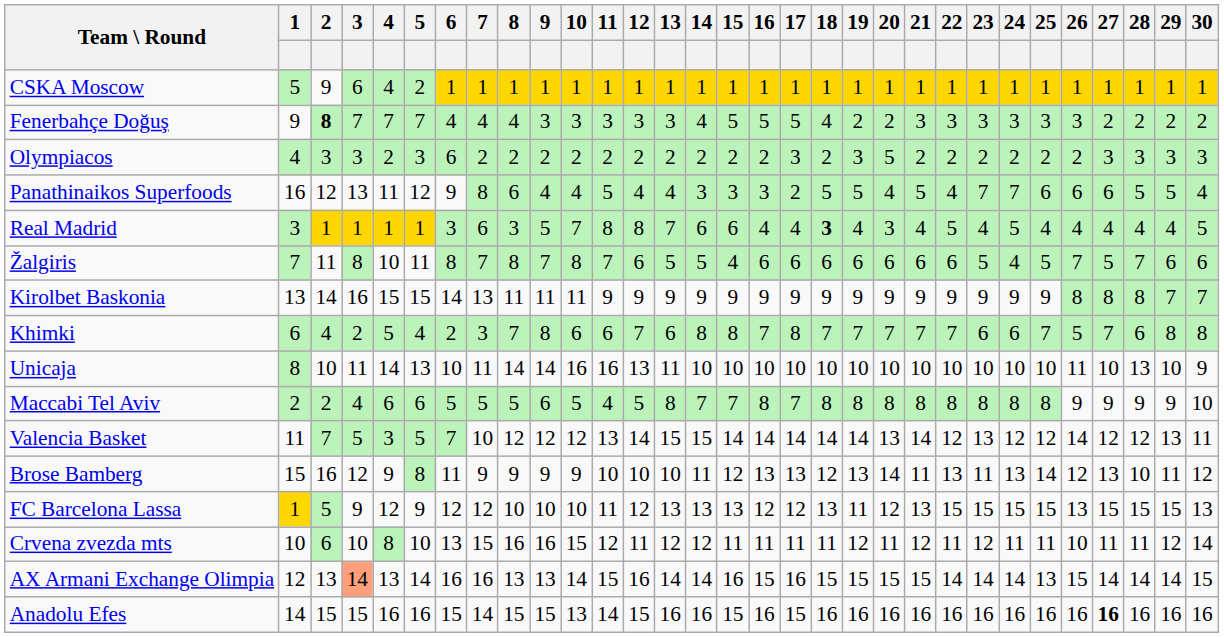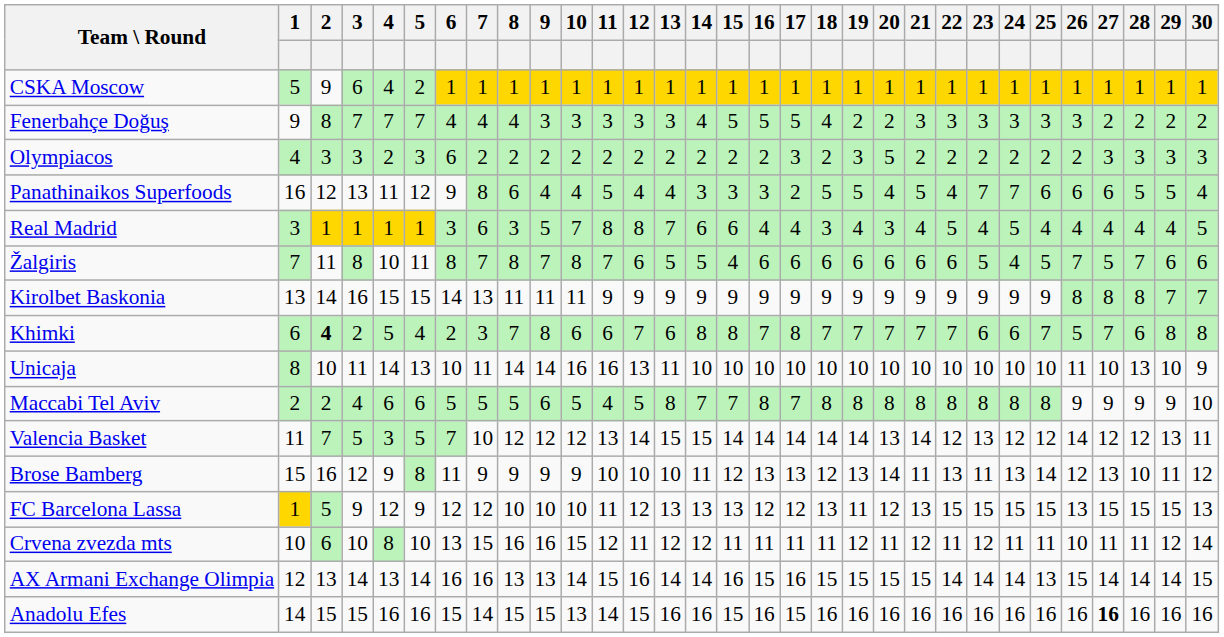 <table class="wikitable sortable" style="font-size:90%; text-align:center; white-space: nowrap;">
 <tr>
 <th rowspan="2" style="width:140px;">Team \ Round</th>
 <th class="unsortable">1</th>
 <th class="unsortable">2</th>
 <th class="unsortable">3</th>
 <th class="unsortable">4</th>
 <th class="unsortable">5</th>
 <th class="unsortable">6</th>
 <th class="unsortable">7</th>
 <th class="unsortable">8</th>
 <th class="unsortable">9</th>
 <th class="unsortable">10</th>
 <th class="unsortable">11</th>
 <th class="unsortable">12</th>
 <th class="unsortable">13</th>
 <th class="unsortable">14</th>
 <th class="unsortable">15</th>
 <th class="unsortable">16</th>
 <th class="unsortable">17</th>
 <th class="unsortable">18</th>
 <th class="unsortable">19</th>
 <th class="unsortable">20</th>
 <th class="unsortable">21</th>
 <th class="unsortable">22</th>
 <th class="unsortable">23</th>
 <th class="unsortable">24</th>
 <th class="unsortable">25</th>
 <th class="unsortable">26</th>
 <th class="unsortable">27</th>
 <th class="unsortable">28</th>
 <th class="unsortable">29</th>
 <th class="unsortable">30</th>
 </tr>
 <tr style="text-align:center; height:20px;">
 <th scope=row></th>
 <th></th>
 <th></th>
 <th></th>
 <th></th>
 <th></th>
 <th></th>
 <th></th>
 <th></th>
 <th></th>
 <th></th>
 <th></th>
 <th></th>
 <th></th>
 <th></th>
 <th></th>
 <th></th>
 <th></th>
 <th></th>
 <th></th>
 <th></th>
 <th></th>
 <th></th>
 <th></th>
 <th></th>
 <th></th>
 <th></th>
 <th></th>
 <th></th>
 <th></th>
 </tr>
 <tr>
 <td align=left><a href='#'>CSKA Moscow</a></td>
 <td style="background:#bbf3bb;">5</td>
 <td>9</td>
 <td style="background:#bbf3bb;">6</td>
 <td style="background:#bbf3bb;">4</td>
 <td style="background:#bbf3bb;">2</td>
 <td style="background:gold;">1</td>
 <td style="background:gold;">1</td>
 <td style="background:gold;">1</td>
 <td style="background:gold;">1</td>
 <td style="background:gold;">1</td>
 <td style="background:gold;">1</td>
 <td style="background:gold;">1</td>
 <td style="background:gold;">1</td>
 <td style="background:gold;">1</td>
 <td style="background:gold;">1</td>
 <td style="background:gold;">1</td>
 <td style="background:gold;">1</td>
 <td style="background:gold;">1</td>
 <td style="background:gold;">1</td>
 <td style="background:gold;">1</td>
 <td style="background:gold;">1</td>
 <td style="background:gold;">1</td>
 <td style="background:gold;">1</td>
 <td style="background:gold;">1</td>
 <td style="background:gold;">1</td>
 <td style="background:gold;">1</td>
 <td style="background:gold;">1</td>
 <td style="background:gold;">1</td>
 <td style="background:gold;">1</td>
 <td style="background:gold;">1</td>
 </tr>
 <tr>
 <td style="text-align:left;"><a href='#'>Fenerbahçe Doğuş</a></td>
 <td>9</td>
-<td style="background:#bbf3bb;"><strong>8</strong></td>
+<td style="background:#bbf3bb;">8</td>
 <td style="background:#bbf3bb;">7</td>
 <td style="background:#bbf3bb;">7</td>
 <td style="background:#bbf3bb;">7</td>
 <td style="background:#bbf3bb;">4</td>
 <td style="background:#bbf3bb;">4</td>
 <td style="background:#bbf3bb;">4</td>
 <td style="background:#bbf3bb;">3</td>
 <td style="background:#bbf3bb;">3</td>
 <td style="background:#bbf3bb;">3</td>
 <td style="background:#bbf3bb;">3</td>
 <td style="background:#bbf3bb;">3</td>
 <td style="background:#bbf3bb;">4</td>
 <td style="background:#bbf3bb;">5</td>
 <td style="background:#bbf3bb;">5</td>
 <td style="background:#bbf3bb;">5</td>
 <td style="background:#bbf3bb;">4</td>
 <td style="background:#bbf3bb;">2</td>
 <td style="background:#bbf3bb;">2</td>
 <td style="background:#bbf3bb;">3</td>
 <td style="background:#bbf3bb;">3</td>
 <td style="background:#bbf3bb;">3</td>
 <td style="background:#bbf3bb;">3</td>
 <td style="background:#bbf3bb;">3</td>
 <td style="background:#bbf3bb;">3</td>
 <td style="background:#bbf3bb;">2</td>
 <td style="background:#bbf3bb;">2</td>
 <td style="background:#bbf3bb;">2</td>
 <td style="background:#bbf3bb;">2</td>
 </tr>
 <tr>
 <td align=left><a href='#'>Olympiacos</a></td>
 <td style="background:#bbf3bb;">4</td>
 <td style="background:#bbf3bb;">3</td>
 <td style="background:#bbf3bb;">3</td>
 <td style="background:#bbf3bb;">2</td>
 <td style="background:#bbf3bb;">3</td>
 <td style="background:#bbf3bb;">6</td>
 <td style="background:#bbf3bb;">2</td>
 <td style="background:#bbf3bb;">2</td>
 <td style="background:#bbf3bb;">2</td>
 <td style="background:#bbf3bb;">2</td>
 <td style="background:#bbf3bb;">2</td>
 <td style="background:#bbf3bb;">2</td>
 <td style="background:#bbf3bb;">2</td>
 <td style="background:#bbf3bb;">2</td>
 <td style="background:#bbf3bb;">2</td>
 <td style="background:#bbf3bb;">2</td>
 <td style="background:#bbf3bb;">3</td>
 <td style="background:#bbf3bb;">2</td>
 <td style="background:#bbf3bb;">3</td>
 <td style="background:#bbf3bb;">5</td>
 <td style="background:#bbf3bb;">2</td>
 <td style="background:#bbf3bb;">2</td>
 <td style="background:#bbf3bb;">2</td>
 <td style="background:#bbf3bb;">2</td>
 <td style="background:#bbf3bb;">2</td>
 <td style="background:#bbf3bb;">2</td>
 <td style="background:#bbf3bb;">3</td>
 <td style="background:#bbf3bb;">3</td>
 <td style="background:#bbf3bb;">3</td>
 <td style="background:#bbf3bb;">3</td>
 </tr>
 <tr>
 <td style="text-align:left;"><a href='#'>Panathinaikos Superfoods</a></td>
 <td>16</td>
 <td>12</td>
 <td>13</td>
 <td>11</td>
 <td>12</td>
 <td>9</td>
 <td style="background:#bbf3bb;">8</td>
 <td style="background:#bbf3bb;">6</td>
 <td style="background:#bbf3bb;">4</td>
 <td style="background:#bbf3bb;">4</td>
 <td style="background:#bbf3bb;">5</td>
 <td style="background:#bbf3bb;">4</td>
 <td style="background:#bbf3bb;">4</td>
 <td style="background:#bbf3bb;">3</td>
 <td style="background:#bbf3bb;">3</td>
 <td style="background:#bbf3bb;">3</td>
 <td style="background:#bbf3bb;">2</td>
 <td style="background:#bbf3bb;">5</td>
 <td style="background:#bbf3bb;">5</td>
 <td style="background:#bbf3bb;">4</td>
 <td style="background:#bbf3bb;">5</td>
 <td style="background:#bbf3bb;">4</td>
 <td style="background:#bbf3bb;">7</td>
 <td style="background:#bbf3bb;">7</td>
 <td style="background:#bbf3bb;">6</td>
 <td style="background:#bbf3bb;">6</td>
 <td style="background:#bbf3bb;">6</td>
 <td style="background:#bbf3bb;">5</td>
 <td style="background:#bbf3bb;">5</td>
 <td style="background:#bbf3bb;">4</td>
 </tr>
 <tr>
 <td style="text-align:left;"><a href='#'>Real Madrid</a></td>
 <td style="background:#bbf3bb;">3</td>
 <td style="background:gold;">1</td>
 <td style="background:gold;">1</td>
 <td style="background:gold;">1</td>
 <td style="background:gold;">1</td>
 <td style="background:#bbf3bb;">3</td>
 <td style="background:#bbf3bb;">6</td>
 <td style="background:#bbf3bb;">3</td>
 <td style="background:#bbf3bb;">5</td>
 <td style="background:#bbf3bb;">7</td>
 <td style="background:#bbf3bb;">8</td>
 <td style="background:#bbf3bb;">8</td>
 <td style="background:#bbf3bb;">7</td>
 <td style="background:#bbf3bb;">6</td>
 <td style="background:#bbf3bb;">6</td>
 <td style="background:#bbf3bb;">4</td>
 <td style="background:#bbf3bb;">4</td>
-<td style="background:#bbf3bb;"><strong>3</strong></td>
+<td style="background:#bbf3bb;">3</td>
 <td style="background:#bbf3bb;">4</td>
 <td style="background:#bbf3bb;">3</td>
 <td style="background:#bbf3bb;">4</td>
 <td style="background:#bbf3bb;">5</td>
 <td style="background:#bbf3bb;">4</td>
 <td style="background:#bbf3bb;">5</td>
 <td style="background:#bbf3bb;">4</td>
 <td style="background:#bbf3bb;">4</td>
 <td style="background:#bbf3bb;">4</td>
 <td style="background:#bbf3bb;">4</td>
 <td style="background:#bbf3bb;">4</td>
 <td style="background:#bbf3bb;">5</td>
 </tr>
 <tr>
 <td align=left><a href='#'>Žalgiris</a></td>
 <td style="background:#bbf3bb;">7</td>
 <td>11</td>
 <td style="background:#bbf3bb;">8</td>
 <td>10</td>
 <td>11</td>
 <td style="background:#bbf3bb;">8</td>
 <td style="background:#bbf3bb;">7</td>
 <td style="background:#bbf3bb;">8</td>
 <td style="background:#bbf3bb;">7</td>
 <td style="background:#bbf3bb;">8</td>
 <td style="background:#bbf3bb;">7</td>
 <td style="background:#bbf3bb;">6</td>
 <td style="background:#bbf3bb;">5</td>
 <td style="background:#bbf3bb;">5</td>
 <td style="background:#bbf3bb;">4</td>
 <td style="background:#bbf3bb;">6</td>
 <td style="background:#bbf3bb;">6</td>
 <td style="background:#bbf3bb;">6</td>
 <td style="background:#bbf3bb;">6</td>
 <td style="background:#bbf3bb;">6</td>
 <td style="background:#bbf3bb;">6</td>
 <td style="background:#bbf3bb;">6</td>
 <td style="background:#bbf3bb;">5</td>
 <td style="background:#bbf3bb;">4</td>
 <td style="background:#bbf3bb;">5</td>
 <td style="background:#bbf3bb;">7</td>
 <td style="background:#bbf3bb;">5</td>
 <td style="background:#bbf3bb;">7</td>
 <td style="background:#bbf3bb;">6</td>
 <td style="background:#bbf3bb;">6</td>
 </tr>
 <tr>
 <td style="text-align:left;"><a href='#'>Kirolbet Baskonia</a></td>
 <td>13</td>
 <td>14</td>
 <td>16</td>
 <td>15</td>
 <td>15</td>
 <td>14</td>
 <td>13</td>
 <td>11</td>
 <td>11</td>
 <td>11</td>
 <td>9</td>
 <td>9</td>
 <td>9</td>
 <td>9</td>
 <td>9</td>
 <td>9</td>
 <td>9</td>
 <td>9</td>
 <td>9</td>
 <td>9</td>
 <td>9</td>
 <td>9</td>
 <td>9</td>
 <td>9</td>
 <td>9</td>
 <td style="background:#bbf3bb;">8</td>
 <td style="background:#bbf3bb;">8</td>
 <td style="background:#bbf3bb;">8</td>
 <td style="background:#bbf3bb;">7</td>
 <td style="background:#bbf3bb;">7</td>
 </tr>
 <tr>
 <td align=left><a href='#'>Khimki</a></td>
 <td style="background:#bbf3bb;">6</td>
-<td style="background:#bbf3bb;">4</td>
+<td style="background:#bbf3bb;"><strong>4</strong></td>
 <td style="background:#bbf3bb;">2</td>
 <td style="background:#bbf3bb;">5</td>
 <td style="background:#bbf3bb;">4</td>
 <td style="background:#bbf3bb;">2</td>
 <td style="background:#bbf3bb;">3</td>
 <td style="background:#bbf3bb;">7</td>
 <td style="background:#bbf3bb;">8</td>
 <td style="background:#bbf3bb;">6</td>
 <td style="background:#bbf3bb;">6</td>
 <td style="background:#bbf3bb;">7</td>
 <td style="background:#bbf3bb;">6</td>
 <td style="background:#bbf3bb;">8</td>
 <td style="background:#bbf3bb;">8</td>
 <td style="background:#bbf3bb;">7</td>
 <td style="background:#bbf3bb;">8</td>
 <td style="background:#bbf3bb;">7</td>
 <td style="background:#bbf3bb;">7</td>
 <td style="background:#bbf3bb;">7</td>
 <td style="background:#bbf3bb;">7</td>
 <td style="background:#bbf3bb;">7</td>
 <td style="background:#bbf3bb;">6</td>
 <td style="background:#bbf3bb;">6</td>
 <td style="background:#bbf3bb;">7</td>
 <td style="background:#bbf3bb;">5</td>
 <td style="background:#bbf3bb;">7</td>
 <td style="background:#bbf3bb;">6</td>
 <td style="background:#bbf3bb;">8</td>
 <td style="background:#bbf3bb;">8</td>
 </tr>
 <tr>
 <td align=left><a href='#'>Unicaja</a></td>
 <td style="background:#bbf3bb;">8</td>
 <td>10</td>
 <td>11</td>
 <td>14</td>
 <td>13</td>
 <td>10</td>
 <td>11</td>
 <td>14</td>
 <td>14</td>
 <td>16</td>
 <td>16</td>
 <td>13</td>
 <td>11</td>
 <td>10</td>
 <td>10</td>
 <td>10</td>
 <td>10</td>
 <td>10</td>
 <td>10</td>
 <td>10</td>
 <td>10</td>
 <td>10</td>
 <td>10</td>
 <td>10</td>
 <td>10</td>
 <td>11</td>
 <td>10</td>
 <td>13</td>
 <td>10</td>
 <td>9</td>
 </tr>
 <tr>
 <td style="text-align:left;"><a href='#'>Maccabi Tel Aviv</a></td>
 <td style="background:#bbf3bb;">2</td>
 <td style="background:#bbf3bb;">2</td>
 <td style="background:#bbf3bb;">4</td>
 <td style="background:#bbf3bb;">6</td>
 <td style="background:#bbf3bb;">6</td>
 <td style="background:#bbf3bb;">5</td>
 <td style="background:#bbf3bb;">5</td>
 <td style="background:#bbf3bb;">5</td>
 <td style="background:#bbf3bb;">6</td>
 <td style="background:#bbf3bb;">5</td>
 <td style="background:#bbf3bb;">4</td>
 <td style="background:#bbf3bb;">5</td>
 <td style="background:#bbf3bb;">8</td>
 <td style="background:#bbf3bb;">7</td>
 <td style="background:#bbf3bb;">7</td>
 <td style="background:#bbf3bb;">8</td>
 <td style="background:#bbf3bb;">7</td>
 <td style="background:#bbf3bb;">8</td>
 <td style="background:#bbf3bb;">8</td>
 <td style="background:#bbf3bb;">8</td>
 <td style="background:#bbf3bb;">8</td>
 <td style="background:#bbf3bb;">8</td>
 <td style="background:#bbf3bb;">8</td>
 <td style="background:#bbf3bb;">8</td>
 <td style="background:#bbf3bb;">8</td>
 <td>9</td>
 <td>9</td>
 <td>9</td>
 <td>9</td>
 <td>10</td>
 </tr>
 <tr>
 <td align=left><a href='#'>Valencia Basket</a></td>
 <td>11</td>
 <td style="background:#bbf3bb;">7</td>
 <td style="background:#bbf3bb;">5</td>
 <td style="background:#bbf3bb;">3</td>
 <td style="background:#bbf3bb;">5</td>
 <td style="background:#bbf3bb;">7</td>
 <td>10</td>
 <td>12</td>
 <td>12</td>
 <td>12</td>
 <td>13</td>
 <td>14</td>
 <td>15</td>
 <td>15</td>
 <td>14</td>
 <td>14</td>
 <td>14</td>
 <td>14</td>
 <td>14</td>
 <td>13</td>
 <td>14</td>
 <td>12</td>
 <td>13</td>
 <td>12</td>
 <td>12</td>
 <td>14</td>
 <td>12</td>
 <td>12</td>
 <td>13</td>
 <td>11</td>
 </tr>
 <tr>
 <td align=left><a href='#'>Brose Bamberg</a></td>
 <td>15</td>
 <td>16</td>
 <td>12</td>
 <td>9</td>
 <td style="background:#bbf3bb;">8</td>
 <td>11</td>
 <td>9</td>
 <td>9</td>
 <td>9</td>
 <td>9</td>
 <td>10</td>
 <td>10</td>
 <td>10</td>
 <td>11</td>
 <td>12</td>
 <td>13</td>
 <td>13</td>
 <td>12</td>
 <td>13</td>
 <td>14</td>
 <td>11</td>
 <td>13</td>
 <td>11</td>
 <td>13</td>
 <td>14</td>
 <td>12</td>
 <td>13</td>
 <td>10</td>
 <td>11</td>
 <td>12</td>
 </tr>
 <tr>
 <td style="text-align:left;"><a href='#'>FC Barcelona Lassa</a></td>
 <td style="background:gold;">1</td>
 <td style="background:#bbf3bb;">5</td>
 <td>9</td>
 <td>12</td>
 <td>9</td>
 <td>12</td>
 <td>12</td>
 <td>10</td>
 <td>10</td>
 <td>10</td>
 <td>11</td>
 <td>12</td>
 <td>13</td>
 <td>13</td>
 <td>13</td>
 <td>12</td>
 <td>12</td>
 <td>13</td>
 <td>11</td>
 <td>12</td>
 <td>13</td>
 <td>15</td>
 <td>15</td>
 <td>15</td>
 <td>15</td>
 <td>13</td>
 <td>15</td>
 <td>15</td>
 <td>15</td>
 <td>13</td>
 </tr>
 <tr>
 <td align=left><a href='#'>Crvena zvezda mts</a></td>
 <td>10</td>
 <td style="background:#bbf3bb;">6</td>
 <td>10</td>
 <td style="background:#bbf3bb;">8</td>
 <td>10</td>
 <td>13</td>
 <td>15</td>
 <td>16</td>
 <td>16</td>
 <td>15</td>
 <td>12</td>
 <td>11</td>
 <td>12</td>
 <td>12</td>
 <td>11</td>
 <td>11</td>
 <td>11</td>
 <td>11</td>
 <td>12</td>
 <td>11</td>
 <td>12</td>
 <td>11</td>
 <td>12</td>
 <td>11</td>
 <td>11</td>
 <td>10</td>
 <td>11</td>
 <td>11</td>
 <td>12</td>
 <td>14</td>
 </tr>
 <tr>
 <td style="text-align:left;"><a href='#'>AX Armani Exchange Olimpia</a></td>
 <td>12</td>
 <td>13</td>
-<td style="background: lightsalmon;">14</td>
+<td>14</td>
 <td>13</td>
 <td>14</td>
 <td>16</td>
 <td>16</td>
 <td>13</td>
 <td>13</td>
 <td>14</td>
 <td>15</td>
 <td>16</td>
 <td>14</td>
 <td>14</td>
 <td>16</td>
 <td>15</td>
 <td>16</td>
 <td>15</td>
 <td>15</td>
 <td>15</td>
 <td>15</td>
 <td>14</td>
 <td>14</td>
 <td>14</td>
 <td>13</td>
 <td>15</td>
 <td>14</td>
 <td>14</td>
 <td>14</td>
 <td>15</td>
 </tr>
 <tr>
 <td align=left><a href='#'>Anadolu Efes</a></td>
 <td>14</td>
 <td>15</td>
 <td>15</td>
 <td>16</td>
 <td>16</td>
 <td>15</td>
 <td>14</td>
 <td>15</td>
 <td>15</td>
 <td>13</td>
 <td>14</td>
 <td>15</td>
 <td>16</td>
 <td>16</td>
 <td>15</td>
 <td>16</td>
 <td>15</td>
 <td>16</td>
 <td>16</td>
 <td>16</td>
 <td>16</td>
 <td>16</td>
 <td>16</td>
 <td>16</td>
 <td>16</td>
 <td>16</td>
 <td><strong>16</strong></td>
 <td>16</td>
 <td>16</td>
 <td>16</td>
 </tr>
 </table>
